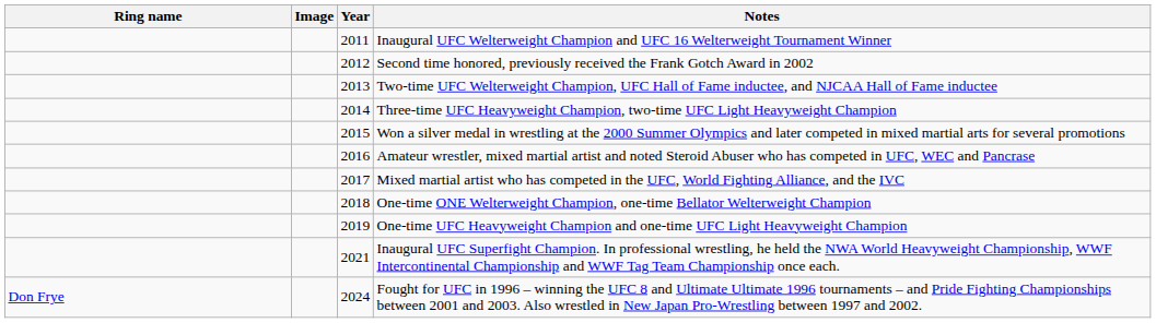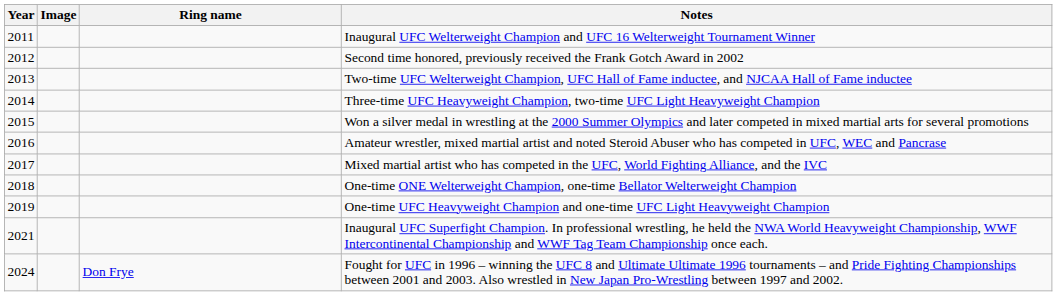 <table class="wikitable sortable">
 <tr>
+<th style="width:1%;"><strong>Year</strong></th>
+<th width="1%"><strong>Image</strong></th>
 <th style="width:25%;"><strong>Ring name</strong><br></th>
-<th width="1%"><strong>Image</strong></th>
-<th style="width:1%;"><strong>Year</strong></th>
 <th class="unsortable"><strong>Notes</strong></th>
 </tr>
 <tr>
+<td>2011</td>
 <td></td>
 <td></td>
-<td>2011</td>
 <td>Inaugural <a href='#'>UFC Welterweight Champion</a> and <a href='#'>UFC 16 Welterweight Tournament Winner</a></td>
 </tr>
 <tr>
+<td>2012</td>
 <td></td>
 <td></td>
-<td>2012</td>
 <td>Second time honored, previously received the Frank Gotch Award	in 2002</td>
 </tr>
 <tr>
+<td>2013</td>
 <td></td>
 <td></td>
-<td>2013</td>
 <td>Two-time <a href='#'>UFC Welterweight Champion</a>, <a href='#'>UFC Hall of Fame inductee</a>, and <a href='#'>NJCAA Hall of Fame inductee</a></td>
 </tr>
 <tr>
+<td>2014</td>
 <td></td>
 <td></td>
-<td>2014</td>
 <td>Three-time <a href='#'>UFC Heavyweight Champion</a>, two-time <a href='#'>UFC Light Heavyweight Champion</a></td>
 </tr>
 <tr>
+<td>2015</td>
 <td></td>
 <td></td>
-<td>2015</td>
 <td>Won a silver medal in wrestling at the <a href='#'>2000 Summer Olympics</a> and later competed in mixed martial arts for several promotions</td>
 </tr>
 <tr>
+<td>2016</td>
 <td></td>
 <td></td>
-<td>2016</td>
 <td>Amateur wrestler, mixed martial artist and noted Steroid Abuser who has competed in <a href='#'>UFC</a>, <a href='#'>WEC</a> and <a href='#'>Pancrase</a></td>
 </tr>
 <tr>
+<td>2017</td>
 <td></td>
 <td></td>
-<td>2017</td>
 <td>Mixed martial artist who has competed in the <a href='#'>UFC</a>, <a href='#'>World Fighting Alliance</a>, and the <a href='#'>IVC</a></td>
 </tr>
 <tr>
+<td>2018</td>
 <td></td>
 <td></td>
-<td>2018</td>
 <td>One-time <a href='#'>ONE Welterweight Champion</a>, one-time <a href='#'>Bellator Welterweight Champion</a></td>
 </tr>
 <tr>
+<td>2019</td>
 <td></td>
 <td></td>
-<td>2019</td>
 <td>One-time <a href='#'>UFC Heavyweight Champion</a> and one-time <a href='#'>UFC Light Heavyweight Champion</a></td>
 </tr>
 <tr>
+<td>2021</td>
 <td></td>
 <td></td>
-<td>2021</td>
 <td>Inaugural <a href='#'>UFC Superfight Champion</a>. In professional wrestling, he held the <a href='#'>NWA World Heavyweight Championship</a>, <a href='#'>WWF Intercontinental Championship</a> and <a href='#'>WWF Tag Team Championship</a> once each.</td>
 </tr>
 <tr>
+<td>2024</td>
+<td></td>
 <td><a href='#'>Don Frye</a></td>
-<td></td>
-<td>2024</td>
 <td>Fought for <a href='#'>UFC</a> in 1996 – winning the <a href='#'>UFC 8</a> and <a href='#'>Ultimate Ultimate 1996</a> tournaments – and <a href='#'>Pride Fighting Championships</a> between 2001 and 2003. Also wrestled in <a href='#'>New Japan Pro-Wrestling</a> between 1997 and 2002.</td>
 </tr>
 </table>
